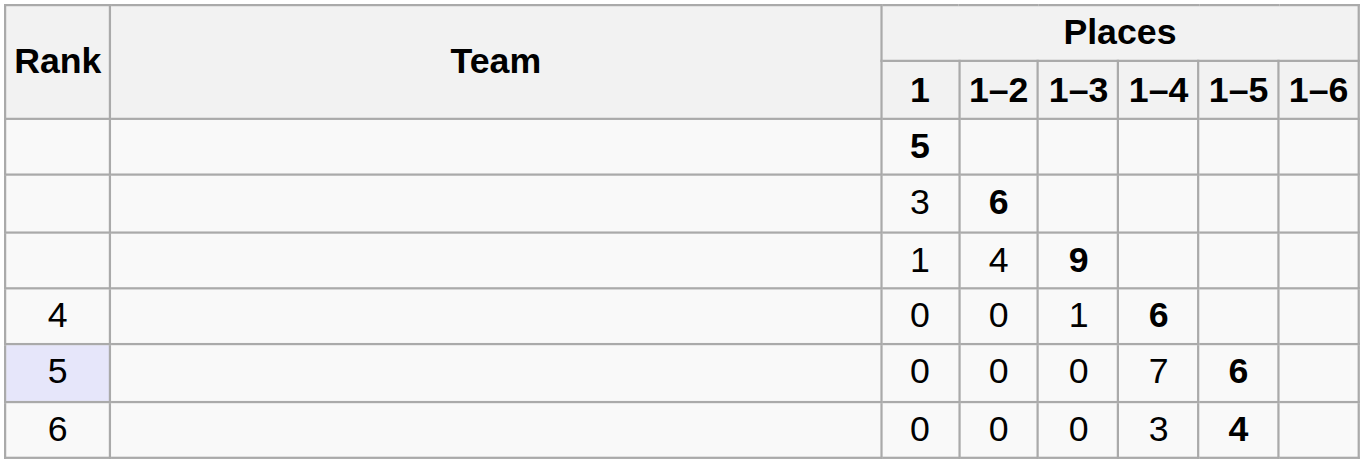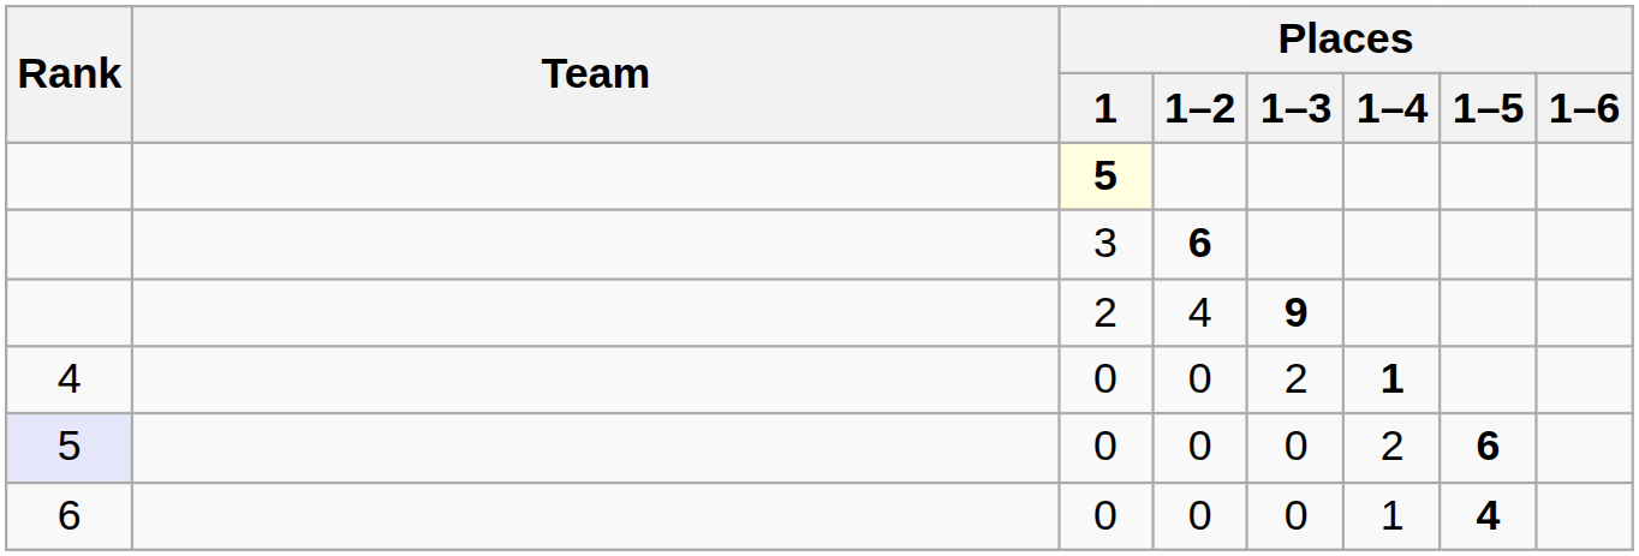 <table class="wikitable" style="text-align:center">
 <tr>
 <th rowspan="2" width=40>Rank</th>
 <th rowspan="2" width=380>Team</th>
 <th colspan="6">Places</th>
 </tr>
 <tr>
 <th width=30>1</th>
 <th width=30>1–2</th>
 <th width=30>1–3</th>
 <th width=30>1–4</th>
 <th width=30>1–5</th>
 <th width=30>1–6</th>
 </tr>
 <tr>
 <td></td>
 <td align=left></td>
-<td><strong>5</strong></td>
+<td style="background: lightyellow;"><strong>5</strong></td>
 <td></td>
 <td></td>
 <td></td>
 <td></td>
 <td></td>
 </tr>
 <tr>
 <td></td>
 <td align=left></td>
 <td>3</td>
 <td><strong>6</strong></td>
 <td></td>
 <td></td>
 <td></td>
 <td></td>
 </tr>
 <tr>
 <td></td>
 <td align=left></td>
-<td>1</td>
+<td>2</td>
 <td>4</td>
 <td><strong>9</strong></td>
 <td></td>
 <td></td>
 <td></td>
 </tr>
 <tr>
 <td>4</td>
 <td align=left></td>
 <td>0</td>
 <td>0</td>
-<td>1</td>
-<td><strong>6</strong></td>
+<td>2</td>
+<td><strong>1</strong></td>
 <td></td>
 <td></td>
 </tr>
 <tr>
 <td style="background: lavender;">5</td>
 <td align=left></td>
 <td>0</td>
 <td>0</td>
 <td>0</td>
-<td>7</td>
+<td>2</td>
 <td><strong>6</strong></td>
 <td></td>
 </tr>
 <tr>
 <td>6</td>
 <td align=left></td>
 <td>0</td>
 <td>0</td>
 <td>0</td>
-<td>3</td>
+<td>1</td>
 <td><strong>4</strong></td>
 <td></td>
 </tr>
 </table>
